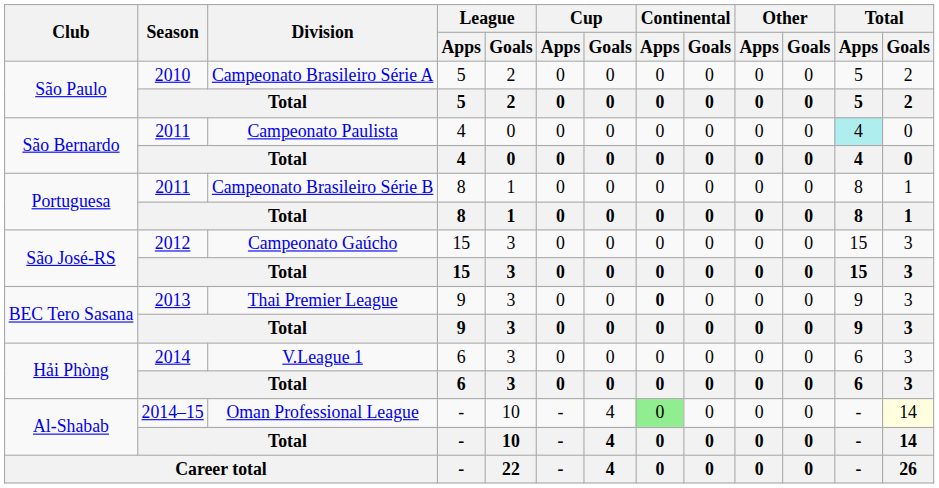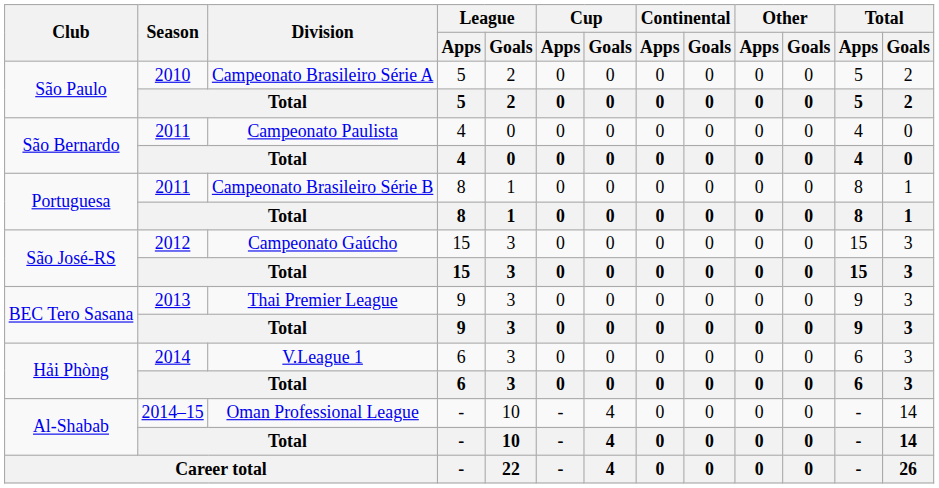 <table class="wikitable" style="text-align: center;">
 <tr>
 <th rowspan="2">Club</th>
 <th rowspan="2">Season</th>
 <th rowspan="2">Division</th>
 <th colspan="2">League</th>
 <th colspan="2">Cup</th>
 <th colspan="2">Continental</th>
 <th colspan="2">Other</th>
 <th colspan="2">Total</th>
 </tr>
 <tr>
 <th>Apps</th>
 <th>Goals</th>
 <th>Apps</th>
 <th>Goals</th>
 <th>Apps</th>
 <th>Goals</th>
 <th>Apps</th>
 <th>Goals</th>
 <th>Apps</th>
 <th>Goals</th>
 </tr>
 <tr>
 <td rowspan="2"><a href='#'>São Paulo</a></td>
 <td><a href='#'>2010</a></td>
 <td rowspan="1"><a href='#'>Campeonato Brasileiro Série A</a></td>
 <td>5</td>
 <td>2</td>
 <td>0</td>
 <td>0</td>
 <td>0</td>
 <td>0</td>
 <td>0</td>
 <td>0</td>
 <td>5</td>
 <td>2</td>
 </tr>
 <tr>
 <th colspan="2">Total</th>
 <th>5</th>
 <th>2</th>
 <th>0</th>
 <th>0</th>
 <th>0</th>
 <th>0</th>
 <th>0</th>
 <th>0</th>
 <th>5</th>
 <th>2</th>
 </tr>
 <tr>
 <td rowspan="2"><a href='#'>São Bernardo</a></td>
 <td><a href='#'>2011</a></td>
 <td rowspan="1"><a href='#'>Campeonato Paulista</a></td>
 <td>4</td>
 <td>0</td>
 <td>0</td>
 <td>0</td>
 <td>0</td>
 <td>0</td>
 <td>0</td>
 <td>0</td>
-<td style="background: paleturquoise;">4</td>
+<td>4</td>
 <td>0</td>
 </tr>
 <tr>
 <th colspan="2">Total</th>
 <th>4</th>
 <th>0</th>
 <th>0</th>
 <th>0</th>
 <th>0</th>
 <th>0</th>
 <th>0</th>
 <th>0</th>
 <th>4</th>
 <th>0</th>
 </tr>
 <tr>
 <td rowspan="2"><a href='#'>Portuguesa</a></td>
 <td><a href='#'>2011</a></td>
 <td rowspan="1"><a href='#'>Campeonato Brasileiro Série B</a></td>
 <td>8</td>
 <td>1</td>
 <td>0</td>
 <td>0</td>
 <td>0</td>
 <td>0</td>
 <td>0</td>
 <td>0</td>
 <td>8</td>
 <td>1</td>
 </tr>
 <tr>
 <th colspan="2">Total</th>
 <th>8</th>
 <th>1</th>
 <th>0</th>
 <th>0</th>
 <th>0</th>
 <th>0</th>
 <th>0</th>
 <th>0</th>
 <th>8</th>
 <th>1</th>
 </tr>
 <tr>
 <td rowspan="2"><a href='#'>São José-RS</a></td>
 <td><a href='#'>2012</a></td>
 <td rowspan="1"><a href='#'>Campeonato Gaúcho</a></td>
 <td>15</td>
 <td>3</td>
 <td>0</td>
 <td>0</td>
 <td>0</td>
 <td>0</td>
 <td>0</td>
 <td>0</td>
 <td>15</td>
 <td>3</td>
 </tr>
 <tr>
 <th colspan="2">Total</th>
 <th>15</th>
 <th>3</th>
 <th>0</th>
 <th>0</th>
 <th>0</th>
 <th>0</th>
 <th>0</th>
 <th>0</th>
 <th>15</th>
 <th>3</th>
 </tr>
 <tr>
 <td rowspan="2"><a href='#'>BEC Tero Sasana</a></td>
 <td><a href='#'>2013</a></td>
 <td rowspan="1"><a href='#'>Thai Premier League</a></td>
 <td>9</td>
 <td>3</td>
 <td>0</td>
 <td>0</td>
-<td><strong>0</strong></td>
+<td>0</td>
 <td>0</td>
 <td>0</td>
 <td>0</td>
 <td>9</td>
 <td>3</td>
 </tr>
 <tr>
 <th colspan="2">Total</th>
 <th>9</th>
 <th>3</th>
 <th>0</th>
 <th>0</th>
 <th>0</th>
 <th>0</th>
 <th>0</th>
 <th>0</th>
 <th>9</th>
 <th>3</th>
 </tr>
 <tr>
 <td rowspan="2"><a href='#'>Hải Phòng</a></td>
 <td><a href='#'>2014</a></td>
 <td rowspan="1"><a href='#'>V.League 1</a></td>
 <td>6</td>
 <td>3</td>
 <td>0</td>
 <td>0</td>
 <td>0</td>
 <td>0</td>
 <td>0</td>
 <td>0</td>
 <td>6</td>
 <td>3</td>
 </tr>
 <tr>
 <th colspan="2">Total</th>
 <th>6</th>
 <th>3</th>
 <th>0</th>
 <th>0</th>
 <th>0</th>
 <th>0</th>
 <th>0</th>
 <th>0</th>
 <th>6</th>
 <th>3</th>
 </tr>
 <tr>
 <td rowspan="2"><a href='#'>Al-Shabab</a></td>
 <td><a href='#'>2014–15</a></td>
 <td rowspan="1"><a href='#'>Oman Professional League</a></td>
 <td>-</td>
 <td>10</td>
 <td>-</td>
 <td>4</td>
-<td style="background: lightgreen;">0</td>
+<td>0</td>
 <td>0</td>
 <td>0</td>
 <td>0</td>
 <td>-</td>
-<td style="background: lightyellow;">14</td>
+<td>14</td>
 </tr>
 <tr>
 <th colspan="2">Total</th>
 <th>-</th>
 <th>10</th>
 <th>-</th>
 <th>4</th>
 <th>0</th>
 <th>0</th>
 <th>0</th>
 <th>0</th>
 <th>-</th>
 <th>14</th>
 </tr>
 <tr>
 <th colspan="3">Career total</th>
 <th>-</th>
 <th>22</th>
 <th>-</th>
 <th>4</th>
 <th>0</th>
 <th>0</th>
 <th>0</th>
 <th>0</th>
 <th>-</th>
 <th>26</th>
 </tr>
 </table>
